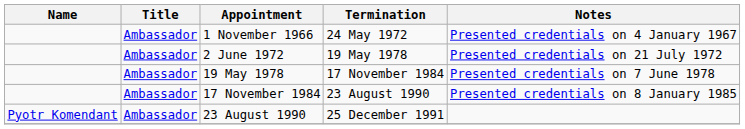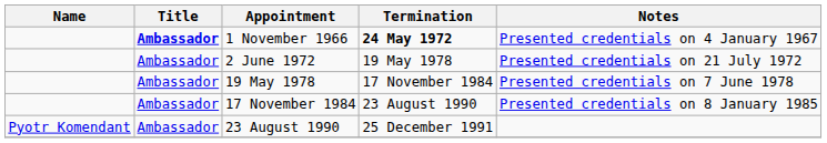 <table class="wikitable">
 <tr valign="middle">
 <th>Name</th>
 <th>Title</th>
 <th>Appointment</th>
 <th>Termination</th>
 <th>Notes</th>
 </tr>
 <tr>
 <td></td>
-<td><a href='#'>Ambassador</a></td>
+<td><strong><a href='#'>Ambassador</a></strong></td>
 <td>1 November 1966</td>
-<td>24 May 1972</td>
+<td><strong>24 May 1972</strong></td>
 <td><a href='#'>Presented credentials</a> on 4 January 1967</td>
 </tr>
 <tr>
 <td></td>
 <td><a href='#'>Ambassador</a></td>
 <td>2 June 1972</td>
 <td>19 May 1978</td>
 <td><a href='#'>Presented credentials</a> on 21 July 1972</td>
 </tr>
 <tr>
 <td></td>
 <td><a href='#'>Ambassador</a></td>
 <td>19 May 1978</td>
 <td>17 November 1984</td>
 <td><a href='#'>Presented credentials</a> on 7 June 1978</td>
 </tr>
 <tr>
 <td></td>
 <td><a href='#'>Ambassador</a></td>
 <td>17 November 1984</td>
 <td>23 August 1990</td>
 <td><a href='#'>Presented credentials</a> on 8 January 1985</td>
 </tr>
 <tr>
 <td><a href='#'>Pyotr Komendant</a></td>
 <td><a href='#'>Ambassador</a></td>
 <td>23 August 1990</td>
 <td>25 December 1991</td>
 <td></td>
 </tr>
 <tr>
 </tr>
 </table>
